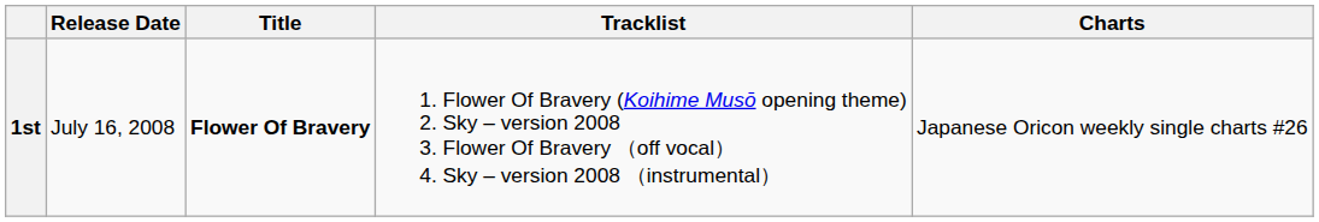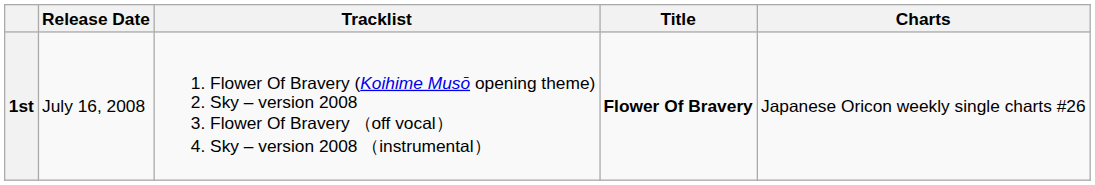 <table class="wikitable" style="font-size:smaller">
 <tr>
 <th> </th>
 <th>Release Date</th>
+<th>Tracklist</th>
 <th>Title</th>
-<th>Tracklist</th>
 <th>Charts</th>
 </tr>
 <tr>
 <th>1st</th>
 <td>July 16, 2008</td>
+<td><br><ol><li>Flower Of Bravery (<em><a href='#'>Koihime Musō</a></em> opening theme)</li><li>Sky – version 2008</li><li>Flower Of Bravery （off vocal）</li><li>Sky – version 2008 （instrumental）</li></ol></td>
 <td><strong>Flower Of Bravery</strong></td>
-<td><br><ol><li>Flower Of Bravery (<em><a href='#'>Koihime Musō</a></em> opening theme)</li><li>Sky – version 2008</li><li>Flower Of Bravery （off vocal）</li><li>Sky – version 2008 （instrumental）</li></ol></td>
 <td>Japanese Oricon weekly single charts #26</td>
 </tr>
 </table>
